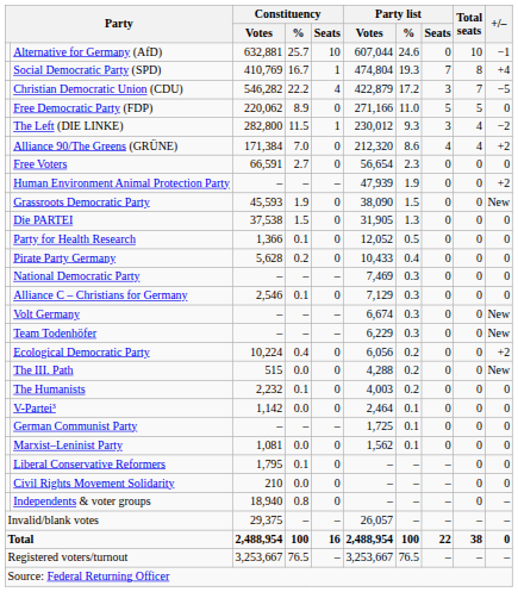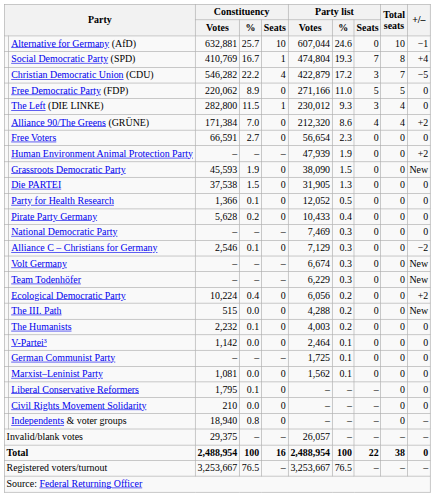 <table class="wikitable" style="text-align:right">
 <tr>
 <th colspan="2" rowspan="2">Party</th>
 <th colspan="3">Constituency</th>
 <th colspan="3">Party list</th>
 <th rowspan="2">Total<br>seats</th>
 <th rowspan="2">+/–</th>
 </tr>
 <tr>
 <th>Votes</th>
 <th>%</th>
 <th>Seats</th>
 <th>Votes</th>
 <th>%</th>
 <th>Seats</th>
 </tr>
 <tr>
 <td></td>
 <td align="left"><a href='#'>Alternative for Germany</a> (AfD)</td>
 <td>632,881</td>
 <td>25.7</td>
 <td>10</td>
 <td>607,044</td>
 <td>24.6</td>
 <td>0</td>
 <td>10</td>
 <td>−1</td>
 </tr>
 <tr>
 <td></td>
 <td align="left"><a href='#'>Social Democratic Party</a> (SPD)</td>
 <td>410,769</td>
 <td>16.7</td>
 <td>1</td>
 <td>474,804</td>
 <td>19.3</td>
 <td>7</td>
 <td>8</td>
 <td>+4</td>
 </tr>
 <tr>
 <td></td>
 <td align="left"><a href='#'>Christian Democratic Union</a> (CDU)</td>
 <td>546,282</td>
 <td>22.2</td>
 <td>4</td>
 <td>422,879</td>
 <td>17.2</td>
 <td>3</td>
 <td>7</td>
 <td>−5</td>
 </tr>
 <tr>
 <td></td>
 <td align="left"><a href='#'>Free Democratic Party</a> (FDP)</td>
 <td>220,062</td>
 <td>8.9</td>
 <td>0</td>
 <td>271,166</td>
 <td>11.0</td>
 <td>5</td>
 <td>5</td>
 <td>0</td>
 </tr>
 <tr>
 <td></td>
 <td align="left"><a href='#'>The Left</a> (DIE LINKE)</td>
 <td>282,800</td>
 <td>11.5</td>
 <td>1</td>
 <td>230,012</td>
 <td>9.3</td>
 <td>3</td>
 <td>4</td>
-<td>−2</td>
+<td>0</td>
 </tr>
 <tr>
 <td></td>
 <td align="left"><a href='#'>Alliance 90/The Greens</a> (GRÜNE)</td>
 <td>171,384</td>
 <td>7.0</td>
 <td>0</td>
 <td>212,320</td>
 <td>8.6</td>
 <td>4</td>
 <td>4</td>
 <td>+2</td>
 </tr>
 <tr>
 <td style="background-color:"></td>
 <td align="left"><a href='#'>Free Voters</a></td>
 <td>66,591</td>
 <td>2.7</td>
 <td>0</td>
 <td>56,654</td>
 <td>2.3</td>
 <td>0</td>
 <td>0</td>
 <td>0</td>
 </tr>
 <tr>
 <td style="background-color:"></td>
 <td align="left"><a href='#'>Human Environment Animal Protection Party</a></td>
 <td>–</td>
 <td>–</td>
 <td>–</td>
 <td>47,939</td>
 <td>1.9</td>
 <td>0</td>
 <td>0</td>
 <td>+2</td>
 </tr>
 <tr>
 <td style="background-color:"></td>
 <td align="left"><a href='#'>Grassroots Democratic Party</a></td>
 <td>45,593</td>
 <td>1.9</td>
 <td>0</td>
 <td>38,090</td>
 <td>1.5</td>
 <td>0</td>
 <td>0</td>
 <td>New</td>
 </tr>
 <tr>
 <td style="background-color:"></td>
 <td align="left"><a href='#'>Die PARTEI</a></td>
 <td>37,538</td>
 <td>1.5</td>
 <td>0</td>
 <td>31,905</td>
 <td>1.3</td>
 <td>0</td>
 <td>0</td>
 <td>0</td>
 </tr>
 <tr>
 <td style="background-color:"></td>
 <td align="left"><a href='#'>Party for Health Research</a></td>
 <td>1,366</td>
 <td>0.1</td>
 <td>0</td>
 <td>12,052</td>
 <td>0.5</td>
 <td>0</td>
 <td>0</td>
 <td>0</td>
 </tr>
 <tr>
 <td style="background-color:"></td>
 <td align="left"><a href='#'>Pirate Party Germany</a></td>
 <td>5,628</td>
 <td>0.2</td>
 <td>0</td>
 <td>10,433</td>
 <td>0.4</td>
 <td>0</td>
 <td>0</td>
 <td>0</td>
 </tr>
 <tr>
 <td style="background-color:"></td>
 <td align="left"><a href='#'>National Democratic Party</a></td>
 <td>–</td>
 <td>–</td>
 <td>–</td>
 <td>7,469</td>
 <td>0.3</td>
 <td>0</td>
 <td>0</td>
 <td>0</td>
 </tr>
 <tr>
 <td style="background-color:"></td>
 <td align="left"><a href='#'>Alliance C – Christians for Germany</a></td>
 <td>2,546</td>
 <td>0.1</td>
 <td>0</td>
 <td>7,129</td>
 <td>0.3</td>
 <td>0</td>
 <td>0</td>
-<td>0</td>
+<td>−2</td>
 </tr>
 <tr>
 <td style="background-color:"></td>
 <td align="left"><a href='#'>Volt Germany</a></td>
 <td>–</td>
 <td>–</td>
 <td>–</td>
 <td>6,674</td>
 <td>0.3</td>
 <td>0</td>
 <td>0</td>
 <td>New</td>
 </tr>
 <tr>
 <td style="background-color:"></td>
 <td align="left"><a href='#'>Team Todenhöfer</a></td>
 <td>–</td>
 <td>–</td>
 <td>–</td>
 <td>6,229</td>
 <td>0.3</td>
 <td>0</td>
 <td>0</td>
 <td>New</td>
 </tr>
 <tr>
 <td style="background-color:"></td>
 <td align="left"><a href='#'>Ecological Democratic Party</a></td>
 <td>10,224</td>
 <td>0.4</td>
 <td>0</td>
 <td>6,056</td>
 <td>0.2</td>
 <td>0</td>
 <td>0</td>
 <td>+2</td>
 </tr>
 <tr>
 <td style="background-color:"></td>
 <td align="left"><a href='#'>The III. Path</a></td>
 <td>515</td>
 <td>0.0</td>
 <td>0</td>
 <td>4,288</td>
 <td>0.2</td>
 <td>0</td>
 <td>0</td>
 <td>New</td>
 </tr>
 <tr>
 <td style="background-color:"></td>
 <td align="left"><a href='#'>The Humanists</a></td>
 <td>2,232</td>
 <td>0.1</td>
 <td>0</td>
 <td>4,003</td>
 <td>0.2</td>
 <td>0</td>
 <td>0</td>
 <td>0</td>
 </tr>
 <tr>
 <td style="background-color:"></td>
 <td align="left"><a href='#'>V-Partei³</a></td>
 <td>1,142</td>
 <td>0.0</td>
 <td>0</td>
 <td>2,464</td>
 <td>0.1</td>
 <td>0</td>
 <td>0</td>
 <td>0</td>
 </tr>
 <tr>
 <td style="background-color:"></td>
 <td align="left"><a href='#'>German Communist Party</a></td>
 <td>–</td>
 <td>–</td>
 <td>–</td>
 <td>1,725</td>
 <td>0.1</td>
 <td>0</td>
 <td>0</td>
 <td>0</td>
 </tr>
 <tr>
 <td style="background-color:"></td>
 <td align="left"><a href='#'>Marxist–Leninist Party</a></td>
 <td>1,081</td>
 <td>0.0</td>
 <td>0</td>
 <td>1,562</td>
 <td>0.1</td>
 <td>0</td>
 <td>0</td>
 <td>0</td>
 </tr>
 <tr>
 <td style="background-color:"></td>
 <td align="left"><a href='#'>Liberal Conservative Reformers</a></td>
 <td>1,795</td>
 <td>0.1</td>
 <td>0</td>
 <td>–</td>
 <td>–</td>
 <td>–</td>
 <td>0</td>
 <td>0</td>
 </tr>
 <tr>
 <td style="background-color:"></td>
 <td align="left"><a href='#'>Civil Rights Movement Solidarity</a></td>
 <td>210</td>
 <td>0.0</td>
 <td>0</td>
 <td>–</td>
 <td>–</td>
 <td>–</td>
 <td>0</td>
 <td>0</td>
 </tr>
 <tr>
 <td style="background-color:"></td>
 <td align="left"><a href='#'>Independents</a> & voter groups</td>
 <td>18,940</td>
 <td>0.8</td>
 <td>0</td>
 <td>–</td>
 <td>–</td>
 <td>–</td>
 <td>0</td>
 <td>–</td>
 </tr>
 <tr>
 <td colspan="2" align="left">Invalid/blank votes</td>
 <td>29,375</td>
 <td>–</td>
 <td>–</td>
 <td>26,057</td>
 <td>–</td>
 <td>–</td>
 <td>–</td>
 <td>–</td>
 </tr>
 <tr>
 <td colspan="2" align="left"><strong>Total</strong></td>
 <td><strong>2,488,954</strong></td>
 <td><strong>100</strong></td>
 <td><strong>16</strong></td>
 <td><strong>2,488,954</strong></td>
 <td><strong>100</strong></td>
 <td><strong>22</strong></td>
 <td><strong>38</strong></td>
 <td><strong>0</strong></td>
 </tr>
 <tr>
 <td colspan="2" align="left">Registered voters/turnout</td>
 <td>3,253,667</td>
 <td>76.5</td>
 <td>–</td>
 <td>3,253,667</td>
 <td>76.5</td>
 <td>–</td>
 <td>–</td>
 <td>–</td>
 </tr>
 <tr>
 <td colspan="10" align="left">Source: <a href='#'>Federal Returning Officer</a></td>
 </tr>
 </table>
